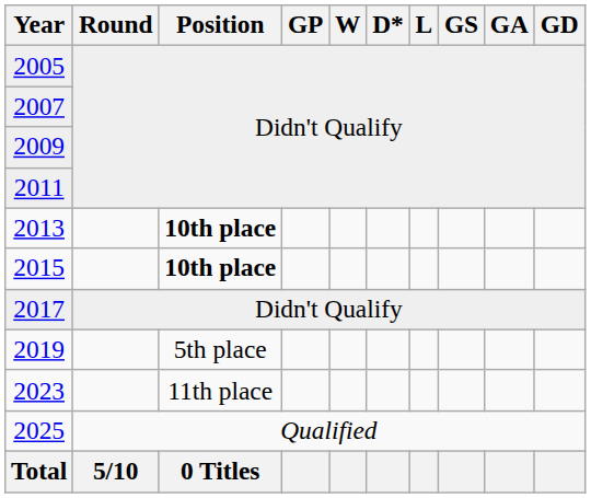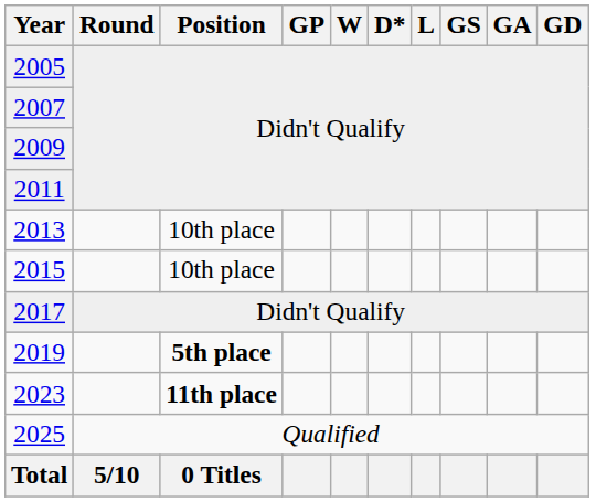 <table class="wikitable" style="text-align: center;">
 <tr>
 <th>Year</th>
 <th>Round</th>
 <th>Position</th>
 <th>GP</th>
 <th>W</th>
 <th>D*</th>
 <th>L</th>
 <th>GS</th>
 <th>GA</th>
 <th>GD</th>
 </tr>
 <tr bgcolor=efefef>
 <td> <a href='#'>2005</a></td>
 <td colspan=9 rowspan=4>Didn't Qualify</td>
 </tr>
 <tr bgcolor=efefef>
 <td> <a href='#'>2007</a></td>
 </tr>
 <tr bgcolor=efefef>
 <td> <a href='#'>2009</a></td>
 </tr>
 <tr bgcolor=efefef>
 <td> <a href='#'>2011</a></td>
 </tr>
 <tr bgcolor=>
 <td> <a href='#'>2013</a></td>
 <td></td>
-<td><strong>10th place</strong></td>
+<td>10th place</td>
 <td></td>
 <td></td>
 <td></td>
 <td></td>
 <td></td>
 <td></td>
 <td></td>
 </tr>
 <tr bgcolor=>
 <td> <a href='#'>2015</a></td>
 <td></td>
-<td><strong>10th place</strong></td>
+<td>10th place</td>
 <td></td>
 <td></td>
 <td></td>
 <td></td>
 <td></td>
 <td></td>
 <td></td>
 </tr>
 <tr bgcolor=efefef>
 <td> <a href='#'>2017</a></td>
 <td colspan=9 rowspan=1>Didn't Qualify</td>
 </tr>
 <tr bgcolor=>
 <td> <a href='#'>2019</a></td>
 <td></td>
-<td>5th place</td>
+<td><strong>5th place</strong></td>
 <td></td>
 <td></td>
 <td></td>
 <td></td>
 <td></td>
 <td></td>
 <td></td>
 </tr>
 <tr bgcolor=>
 <td> <a href='#'>2023</a></td>
 <td></td>
-<td>11th place</td>
+<td><strong>11th place</strong></td>
 <td></td>
 <td></td>
 <td></td>
 <td></td>
 <td></td>
 <td></td>
 <td></td>
 </tr>
 <tr bgcolor=>
 <td> <a href='#'>2025</a></td>
 <td colspan=9><em>Qualified</em></td>
 </tr>
 <tr>
 <th>Total</th>
 <th>5/10</th>
 <th>0 Titles</th>
 <th></th>
 <th></th>
 <th></th>
 <th></th>
 <th></th>
 <th></th>
 <th></th>
 </tr>
 </table>
